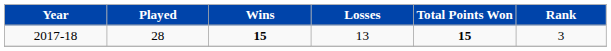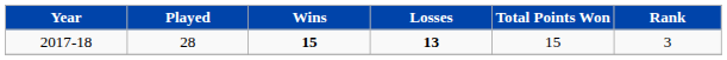 <table class="wikitable sortable" style="text-align:center;">
 <tr>
 <th style="width:17%;background:#04a; color:#fff;">Year</th>
 <th style="width:17%;background:#04a; color:#fff;">Played</th>
 <th style="width:17%;background:#04a; color:#fff;">Wins</th>
 <th style="width:17%;background:#04a; color:#fff;">Losses</th>
 <th style="width:17%;background:#04a; color:#fff;">Total Points Won</th>
 <th style="width:16%;background:#04a; color:#fff;">Rank</th>
 </tr>
 <tr>
 <td>2017-18</td>
 <td>28</td>
 <td><strong>15</strong></td>
-<td>13</td>
-<td><strong>15</strong></td>
+<td><strong>13</strong></td>
+<td>15</td>
 <td>3</td>
 </tr>
 <tr>
 </tr>
 </table>
